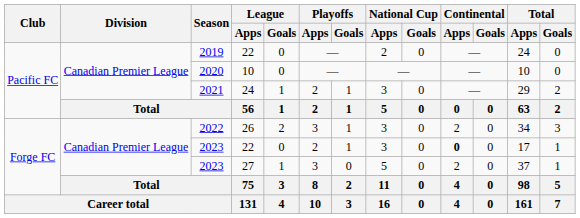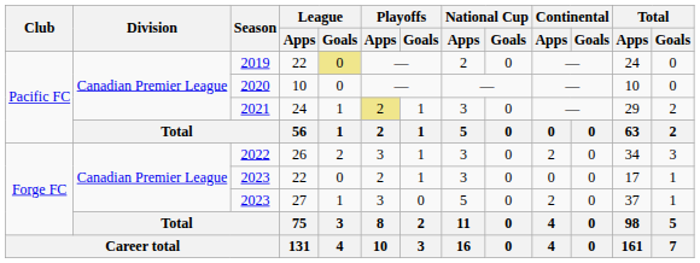 <table class="wikitable" style="text-align: center;">
 <tr>
 <th rowspan="2">Club</th>
 <th rowspan="2">Division</th>
 <th rowspan="2">Season</th>
 <th colspan="2">League</th>
 <th colspan="2">Playoffs</th>
 <th colspan="2">National Cup</th>
 <th colspan="2">Continental</th>
 <th colspan="2">Total</th>
 </tr>
 <tr>
 <th>Apps</th>
 <th>Goals</th>
 <th>Apps</th>
 <th>Goals</th>
 <th>Apps</th>
 <th>Goals</th>
 <th>Apps</th>
 <th>Goals</th>
 <th>Apps</th>
 <th>Goals</th>
 </tr>
 <tr>
 <td rowspan="4"><a href='#'>Pacific FC</a></td>
 <td rowspan="3"><a href='#'>Canadian Premier League</a></td>
 <td><a href='#'>2019</a></td>
 <td>22</td>
-<td>0</td>
+<td style="background: khaki;">0</td>
 <td colspan=2>—</td>
 <td>2</td>
 <td>0</td>
 <td colspan=2>—</td>
 <td>24</td>
 <td>0</td>
 </tr>
 <tr>
 <td><a href='#'>2020</a></td>
 <td>10</td>
 <td>0</td>
 <td colspan="2">—</td>
 <td colspan=2>—</td>
 <td colspan=2>—</td>
 <td>10</td>
 <td>0</td>
 </tr>
 <tr>
 <td><a href='#'>2021</a></td>
 <td>24</td>
 <td>1</td>
-<td>2</td>
+<td style="background: khaki;">2</td>
 <td>1</td>
 <td>3</td>
 <td>0</td>
 <td colspan=2>—</td>
 <td>29</td>
 <td>2</td>
 </tr>
 <tr>
 <th colspan="2">Total</th>
 <th>56</th>
 <th>1</th>
 <th>2</th>
 <th>1</th>
 <th>5</th>
 <th>0</th>
 <th>0</th>
 <th>0</th>
 <th>63</th>
 <th>2</th>
 </tr>
 <tr>
 <td rowspan="4"><a href='#'>Forge FC</a></td>
 <td rowspan=3><a href='#'>Canadian Premier League</a></td>
 <td><a href='#'>2022</a></td>
 <td>26</td>
 <td>2</td>
 <td>3</td>
 <td>1</td>
 <td>3</td>
 <td>0</td>
 <td>2</td>
 <td>0</td>
 <td>34</td>
 <td>3</td>
 </tr>
 <tr>
 <td><a href='#'>2023</a></td>
 <td>22</td>
 <td>0</td>
 <td>2</td>
 <td>1</td>
 <td>3</td>
 <td>0</td>
-<td><strong>0</strong></td>
+<td>0</td>
 <td>0</td>
 <td>17</td>
 <td>1</td>
 </tr>
 <tr>
 <td><a href='#'>2023</a></td>
 <td>27</td>
 <td>1</td>
 <td>3</td>
 <td>0</td>
 <td>5</td>
 <td>0</td>
 <td>2</td>
 <td>0</td>
 <td>37</td>
 <td>1</td>
 </tr>
 <tr>
 <th colspan="2">Total</th>
 <th>75</th>
 <th>3</th>
 <th>8</th>
 <th>2</th>
 <th>11</th>
 <th>0</th>
 <th>4</th>
 <th>0</th>
 <th>98</th>
 <th>5</th>
 </tr>
 <tr>
 <th colspan="3">Career total</th>
 <th>131</th>
 <th>4</th>
 <th>10</th>
 <th>3</th>
 <th>16</th>
 <th>0</th>
 <th>4</th>
 <th>0</th>
 <th>161</th>
 <th>7</th>
 </tr>
 </table>
